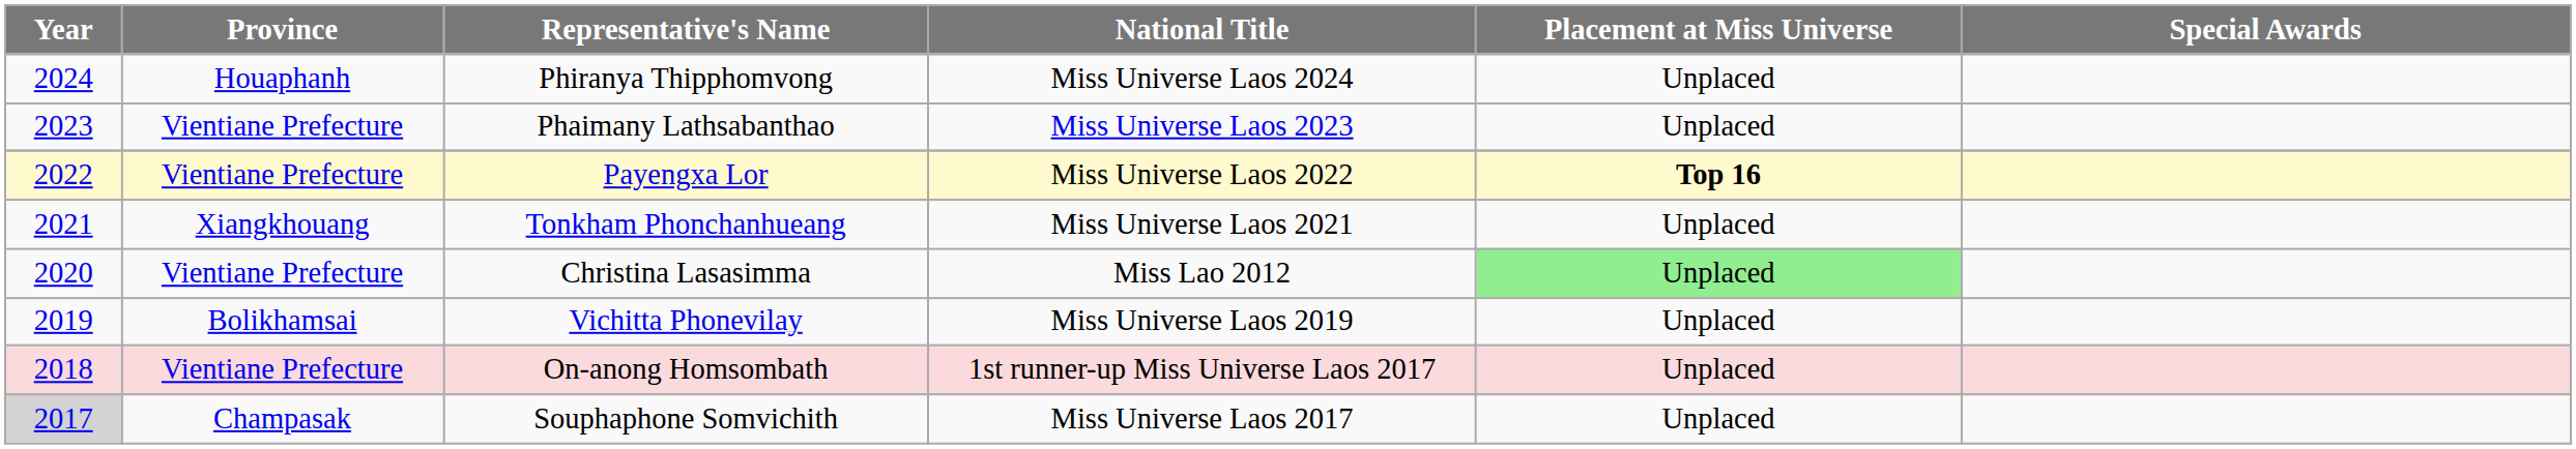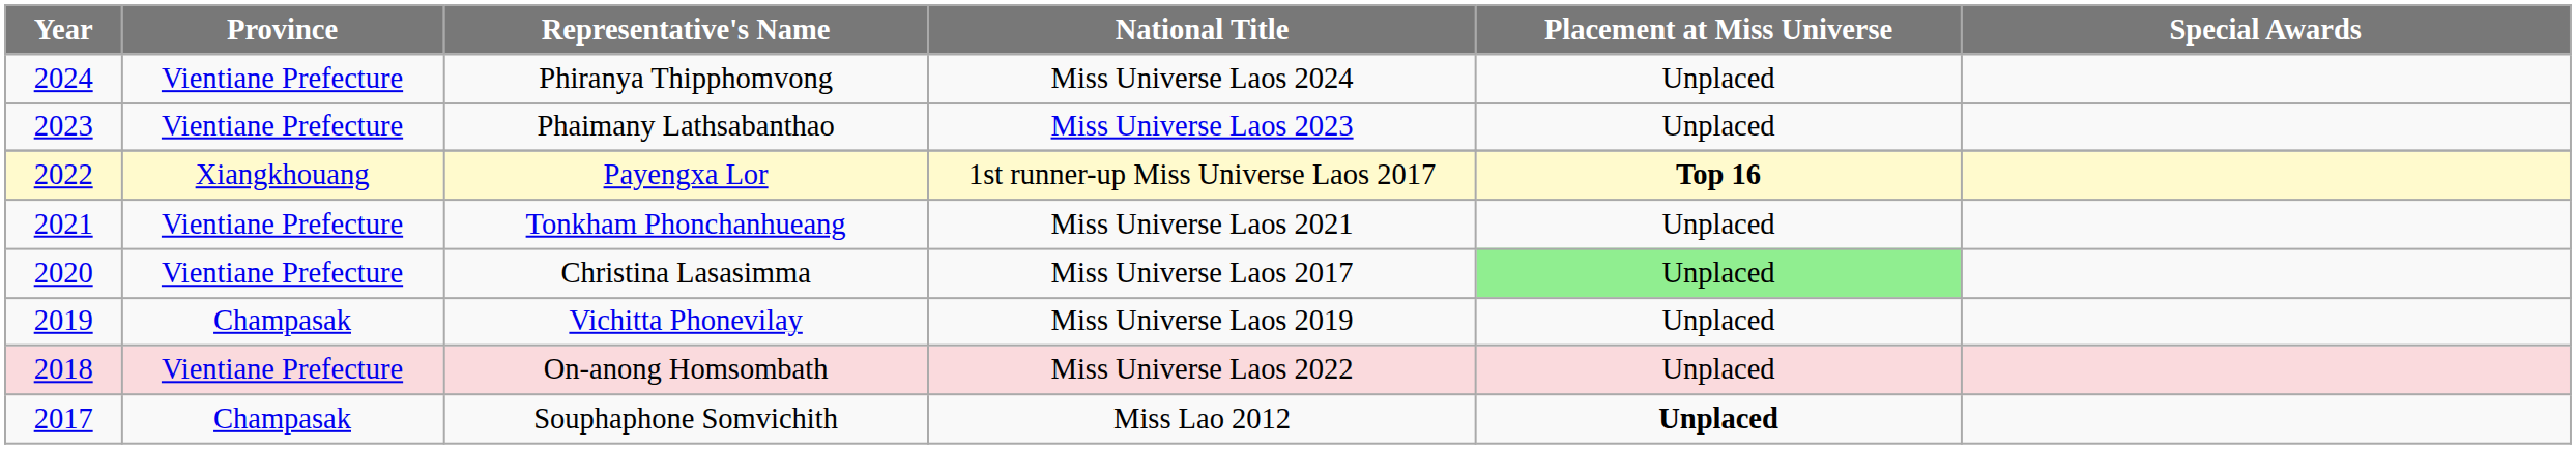 <table class="wikitable " style="font-size: 90%; text-align:center">
 <tr>
 <th width="50" style="background-color:#787878;color:#FFFFFF;">Year</th>
 <th width="150" style="background-color:#787878;color:#FFFFFF;">Province</th>
 <th width="230" style="background-color:#787878;color:#FFFFFF;">Representative's Name</th>
 <th width="260" style="background-color:#787878;color:#FFFFFF;">National Title</th>
 <th width="230" style="background-color:#787878;color:#FFFFFF;">Placement at Miss Universe</th>
 <th width="290" style="background-color:#787878;color:#FFFFFF;">Special Awards</th>
 </tr>
 <tr>
 <td><a href='#'>2024</a></td>
-<td><a href='#'>Houaphanh</a></td>
+<td><a href='#'>Vientiane Prefecture</a></td>
 <td>Phiranya Thipphomvong</td>
 <td>Miss Universe Laos 2024</td>
 <td>Unplaced</td>
 <td></td>
 </tr>
 <tr>
 <td><a href='#'>2023</a></td>
 <td><a href='#'>Vientiane Prefecture</a></td>
 <td>Phaimany Lathsabanthao</td>
 <td><a href='#'>Miss Universe Laos 2023</a></td>
 <td>Unplaced</td>
 <td></td>
 </tr>
 <tr>
 </tr>
 <tr style="background-color:#FFFACD">
 <td><a href='#'>2022</a></td>
-<td><a href='#'>Vientiane Prefecture</a></td>
+<td><a href='#'>Xiangkhouang</a></td>
 <td><a href='#'>Payengxa Lor</a></td>
-<td>Miss Universe Laos 2022</td>
+<td>1st runner-up Miss Universe Laos 2017</td>
 <td><strong>Top 16</strong></td>
 <td style="background:;"></td>
 </tr>
 <tr>
 <td><a href='#'>2021</a></td>
-<td><a href='#'>Xiangkhouang</a></td>
+<td><a href='#'>Vientiane Prefecture</a></td>
 <td><a href='#'>Tonkham Phonchanhueang</a></td>
 <td>Miss Universe Laos 2021</td>
 <td>Unplaced</td>
 <td></td>
 </tr>
 <tr>
 <td><a href='#'>2020</a></td>
 <td><a href='#'>Vientiane Prefecture</a></td>
 <td>Christina Lasasimma</td>
-<td>Miss Lao 2012</td>
+<td>Miss Universe Laos 2017</td>
 <td style="background: lightgreen;">Unplaced</td>
 <td></td>
 </tr>
 <tr>
 <td><a href='#'>2019</a></td>
-<td><a href='#'>Bolikhamsai</a></td>
+<td><a href='#'>Champasak</a></td>
 <td><a href='#'>Vichitta Phonevilay</a></td>
 <td>Miss Universe Laos 2019</td>
 <td>Unplaced</td>
 <td></td>
 </tr>
 <tr style="background-color:#FADADD; ">
 <td><a href='#'>2018</a></td>
 <td><a href='#'>Vientiane Prefecture</a></td>
 <td>On-anong Homsombath</td>
-<td>1st runner-up Miss Universe Laos 2017</td>
+<td>Miss Universe Laos 2022</td>
 <td>Unplaced</td>
 <td style="background:;"></td>
 </tr>
 <tr>
-<td style="background: lightgrey;"><a href='#'>2017</a></td>
+<td><a href='#'>2017</a></td>
 <td><a href='#'>Champasak</a></td>
 <td>Souphaphone Somvichith</td>
-<td>Miss Universe Laos 2017</td>
-<td>Unplaced</td>
+<td>Miss Lao 2012</td>
+<td><strong>Unplaced</strong></td>
 <td></td>
 </tr>
 </table>
